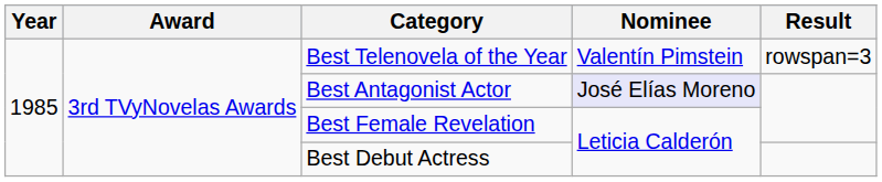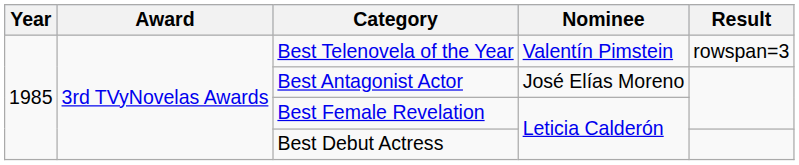 <table class="wikitable">
 <tr style="background:#b0c4de;">
 <th>Year</th>
 <th>Award</th>
 <th>Category</th>
 <th>Nominee</th>
 <th>Result</th>
 </tr>
 <tr>
 <td rowspan=4>1985</td>
 <td rowspan=4><a href='#'>3rd TVyNovelas Awards</a></td>
 <td><a href='#'>Best Telenovela of the Year</a></td>
 <td><a href='#'>Valentín Pimstein</a></td>
 <td>rowspan=3 </td>
 </tr>
 <tr>
 <td><a href='#'>Best Antagonist Actor</a></td>
-<td style="background: lavender;">José Elías Moreno</td>
+<td>José Elías Moreno</td>
 </tr>
 <tr>
 <td><a href='#'>Best Female Revelation</a></td>
 <td rowspan=2><a href='#'>Leticia Calderón</a></td>
 </tr>
 <tr>
 <td>Best Debut Actress</td>
 <td></td>
 </tr>
 </table>
